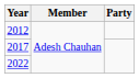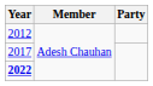 <table class="wikitable sortable">
 <tr>
 <th>Year</th>
 <th>Member</th>
 <th colspan=2>Party</th>
 </tr>
 <tr>
 <td><a href='#'>2012</a></td>
 <td rowspan=3><a href='#'>Adesh Chauhan</a></td>
 <td></td>
 </tr>
 <tr>
 <td><a href='#'>2017</a></td>
 </tr>
 <tr>
-<td><a href='#'>2022</a></td>
+<td><strong><a href='#'>2022</a></strong></td>
 </tr>
 </table>
